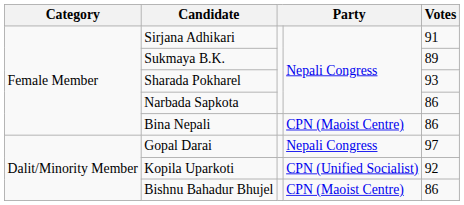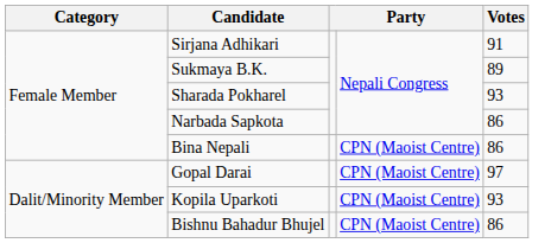 <table class="wikitable">
 <tr>
 <th>Category</th>
 <th>Candidate</th>
 <th colspan="2">Party</th>
 <th>Votes</th>
 </tr>
 <tr>
 <td rowspan="5">Female Member</td>
 <td>Sirjana Adhikari</td>
 <td rowspan="4" style="background-color:"></td>
 <td rowspan="4"><a href='#'>Nepali Congress</a></td>
 <td>91</td>
 </tr>
 <tr>
 <td>Sukmaya B.K.</td>
 <td>89</td>
 </tr>
 <tr>
 <td>Sharada Pokharel</td>
 <td>93</td>
 </tr>
 <tr>
 <td>Narbada Sapkota</td>
 <td>86</td>
 </tr>
 <tr>
 <td>Bina Nepali</td>
 <td style="background-color:"></td>
 <td><a href='#'>CPN (Maoist Centre)</a></td>
 <td>86</td>
 </tr>
 <tr>
 <td rowspan="3">Dalit/Minority Member</td>
 <td>Gopal Darai</td>
 <td style="background-color:"></td>
-<td><a href='#'>Nepali Congress</a></td>
+<td><a href='#'>CPN (Maoist Centre)</a></td>
 <td>97</td>
 </tr>
 <tr>
 <td>Kopila Uparkoti</td>
 <td style="background-color:"></td>
-<td><a href='#'>CPN (Unified Socialist)</a></td>
-<td>92</td>
+<td><a href='#'>CPN (Maoist Centre)</a></td>
+<td>93</td>
 </tr>
 <tr>
 <td>Bishnu Bahadur Bhujel</td>
 <td style="background-color:"></td>
 <td><a href='#'>CPN (Maoist Centre)</a></td>
 <td>86</td>
 </tr>
 </table>
